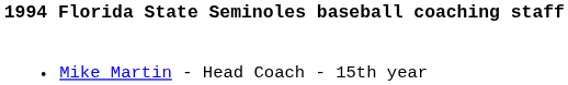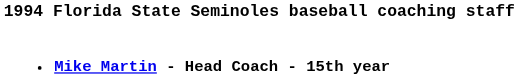 <table class="toccolours">
 <tr>
 <th colspan=9>1994 Florida State Seminoles baseball coaching staff</th>
 </tr>
 <tr>
-<td style="text-align: left; font-size: 95%;" valign="top"><br><ul><li><a href='#'>Mike Martin</a> - Head Coach - 15th year</li></ul></td>
+<td style="text-align: left; font-size: 95%;" valign="top"><strong><br><ul><li><a href='#'>Mike Martin</a> - Head Coach - 15th year</li></ul></strong></td>
 </tr>
 </table>
